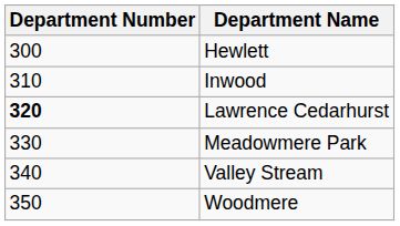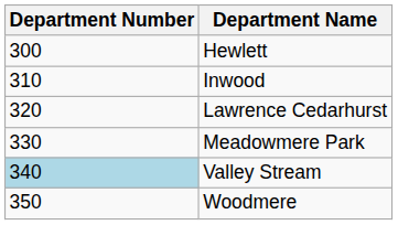 <table class="wikitable mw-collapsible">
 <tr valign="bottom">
 <th>Department Number</th>
 <th>Department Name</th>
 </tr>
 <tr>
 <td>300</td>
 <td>Hewlett</td>
 </tr>
 <tr>
 <td>310</td>
 <td>Inwood</td>
 </tr>
 <tr>
-<td><strong>320</strong></td>
+<td>320</td>
 <td>Lawrence Cedarhurst</td>
 </tr>
 <tr>
 <td>330</td>
 <td>Meadowmere Park</td>
 </tr>
 <tr>
-<td>340</td>
+<td style="background: lightblue;">340</td>
 <td>Valley Stream</td>
 </tr>
 <tr>
 <td>350</td>
 <td>Woodmere</td>
 </tr>
 </table>
